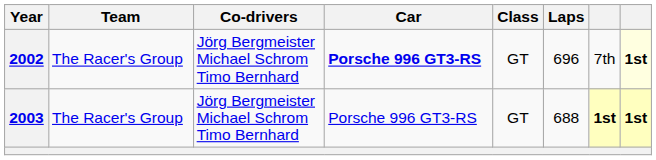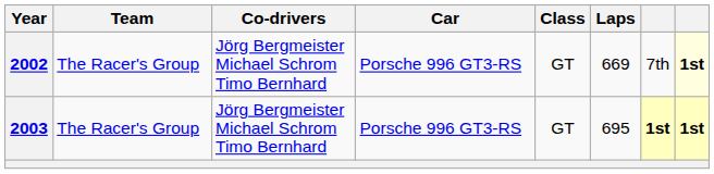 <table class="wikitable" style="text-align:center; font-size:90%;width:600px">
 <tr>
 <th>Year</th>
 <th>Team</th>
 <th>Co-drivers</th>
 <th>Car</th>
 <th>Class</th>
 <th>Laps</th>
 <th></th>
 <th></th>
 </tr>
 <tr>
 <th><a href='#'>2002</a></th>
 <td align="left"> <a href='#'>The Racer's Group</a></td>
 <td align="left"> <a href='#'>Jörg Bergmeister</a><br> <a href='#'>Michael Schrom</a><br> <a href='#'>Timo Bernhard</a></td>
-<td align="left"><strong><a href='#'>Porsche 996 GT3-RS</a></strong></td>
+<td align="left"><a href='#'>Porsche 996 GT3-RS</a></td>
 <td>GT</td>
-<td>696</td>
+<td>669</td>
 <td>7th</td>
 <td style="background: lightyellow;"><strong>1st</strong></td>
 </tr>
 <tr>
 <th><a href='#'>2003</a></th>
 <td align="left"> <a href='#'>The Racer's Group</a></td>
 <td align="left"> <a href='#'>Jörg Bergmeister</a><br> <a href='#'>Michael Schrom</a><br> <a href='#'>Timo Bernhard</a></td>
 <td align="left"><a href='#'>Porsche 996 GT3-RS</a></td>
 <td>GT</td>
-<td>688</td>
+<td>695</td>
 <th style="background:#FFFFBF;”">1st</th>
 <th style="background:#FFFFBF;”">1st</th>
 </tr>
 <tr>
 <th colspan="8"></th>
 </tr>
 </table>
